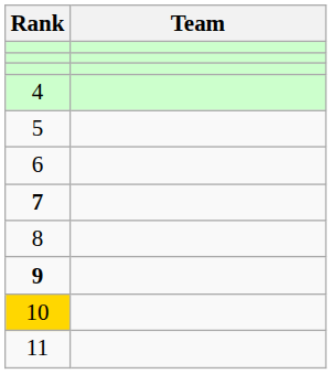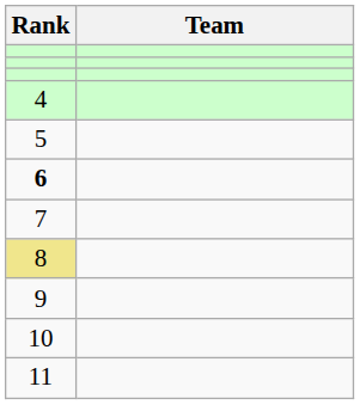 <table class="wikitable">
 <tr>
 <th>Rank</th>
 <th width=170>Team</th>
 </tr>
 <tr bgcolor=#ccffcc>
 <td align=center></td>
 <td></td>
 </tr>
 <tr bgcolor=#ccffcc>
 <td align=center></td>
 <td></td>
 </tr>
 <tr bgcolor=#ccffcc>
 <td align=center></td>
 <td></td>
 </tr>
 <tr bgcolor=#ccffcc>
 <td align=center>4</td>
 <td></td>
 </tr>
 <tr>
 <td align=center>5</td>
 <td></td>
 </tr>
 <tr>
-<td align=center>6</td>
+<td align=center><strong>6</strong></td>
 <td></td>
 </tr>
 <tr>
-<td align=center><strong>7</strong></td>
+<td align=center>7</td>
 <td></td>
 </tr>
 <tr>
-<td align=center>8</td>
+<td align=center style="background: khaki;">8</td>
 <td></td>
 </tr>
 <tr>
-<td align=center><strong>9</strong></td>
+<td align=center>9</td>
 <td></td>
 </tr>
 <tr>
-<td align=center style="background: gold;">10</td>
+<td align=center>10</td>
 <td></td>
 </tr>
 <tr>
 <td align=center>11</td>
 <td></td>
 </tr>
 </table>
